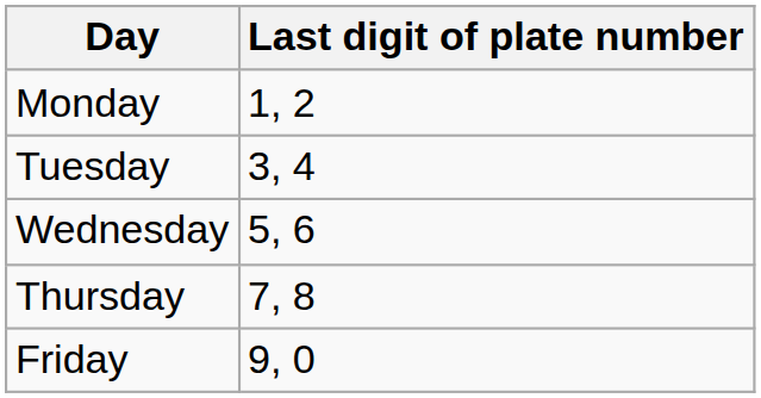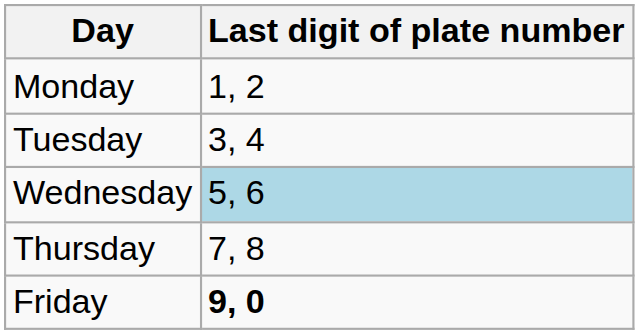 <table class="wikitable">
 <tr>
 <th>Day</th>
 <th>Last digit of plate number</th>
 </tr>
 <tr>
 <td>Monday</td>
 <td>1, 2</td>
 </tr>
 <tr>
 <td>Tuesday</td>
 <td>3, 4</td>
 </tr>
 <tr>
 <td>Wednesday</td>
-<td>5, 6</td>
+<td style="background: lightblue;">5, 6</td>
 </tr>
 <tr>
 <td>Thursday</td>
 <td>7, 8</td>
 </tr>
 <tr>
 <td>Friday</td>
-<td>9, 0</td>
+<td><strong>9, 0</strong></td>
 </tr>
 </table>
